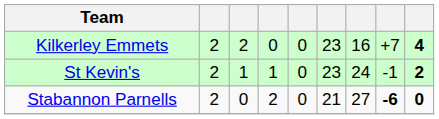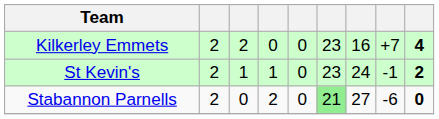 <table class="wikitable" style="text-align:center">
 <tr>
 <th style="width:175px;">Team</th>
 <th width="20"></th>
 <th width="20"></th>
 <th width="20"></th>
 <th width="20"></th>
 <th width="20"></th>
 <th width="20"></th>
 <th width="20"></th>
 <th width="20"></th>
 </tr>
 <tr style="background:#cfc;">
 <td><a href='#'>Kilkerley Emmets</a></td>
 <td>2</td>
 <td>2</td>
 <td>0</td>
 <td>0</td>
 <td>23</td>
 <td>16</td>
 <td>+7</td>
 <td><strong>4</strong></td>
 </tr>
 <tr style="background:#cfc;">
 <td><a href='#'>St Kevin's</a></td>
 <td>2</td>
 <td>1</td>
 <td>1</td>
 <td>0</td>
 <td>23</td>
 <td>24</td>
 <td>-1</td>
 <td><strong>2</strong></td>
 </tr>
 <tr>
 <td><a href='#'>Stabannon Parnells</a></td>
 <td>2</td>
 <td>0</td>
 <td>2</td>
 <td>0</td>
-<td>21</td>
+<td style="background: lightgreen;">21</td>
 <td>27</td>
-<td><strong>-6</strong></td>
+<td>-6</td>
 <td><strong>0</strong></td>
 </tr>
 <tr>
 </tr>
 </table>
